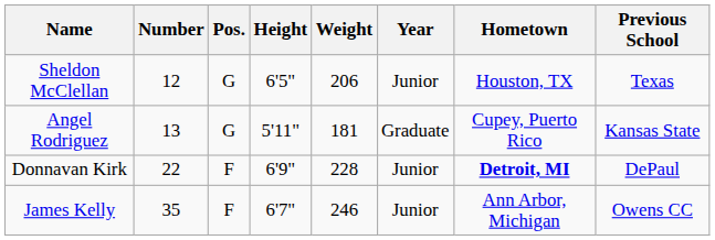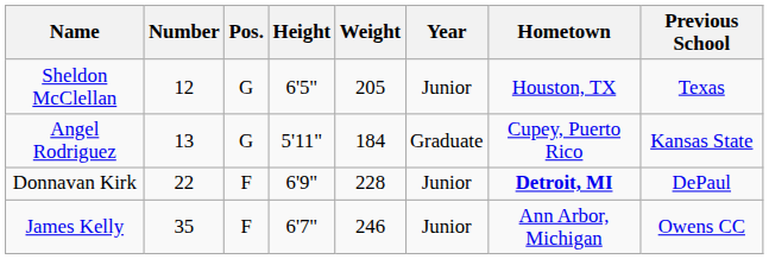 <table class="wikitable sortable" border="1" style="text-align:center;">
 <tr align=center>
 <th>Name</th>
 <th>Number</th>
 <th>Pos.</th>
 <th>Height</th>
 <th>Weight</th>
 <th>Year</th>
 <th>Hometown</th>
 <th>Previous School</th>
 </tr>
 <tr>
 <td><a href='#'>Sheldon McClellan</a></td>
 <td>12</td>
 <td>G</td>
 <td>6'5"</td>
-<td>206</td>
+<td>205</td>
 <td>Junior</td>
 <td><a href='#'>Houston, TX</a></td>
 <td><a href='#'>Texas</a></td>
 </tr>
 <tr>
 <td><a href='#'>Angel Rodriguez</a></td>
 <td>13</td>
 <td>G</td>
 <td>5'11"</td>
-<td>181</td>
+<td>184</td>
 <td>Graduate</td>
 <td><a href='#'>Cupey, Puerto Rico</a></td>
 <td><a href='#'>Kansas State</a></td>
 </tr>
 <tr>
 <td>Donnavan Kirk</td>
 <td>22</td>
 <td>F</td>
 <td>6'9"</td>
 <td>228</td>
 <td>Junior</td>
 <td><strong><a href='#'>Detroit, MI</a></strong></td>
 <td><a href='#'>DePaul</a></td>
 </tr>
 <tr>
 <td><a href='#'>James Kelly</a></td>
 <td>35</td>
 <td>F</td>
 <td>6'7"</td>
 <td>246</td>
 <td>Junior</td>
 <td><a href='#'>Ann Arbor, Michigan</a></td>
 <td><a href='#'>Owens CC</a></td>
 </tr>
 </table>
